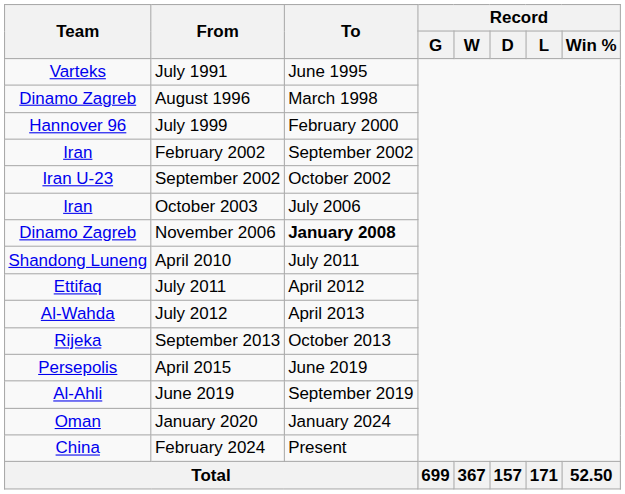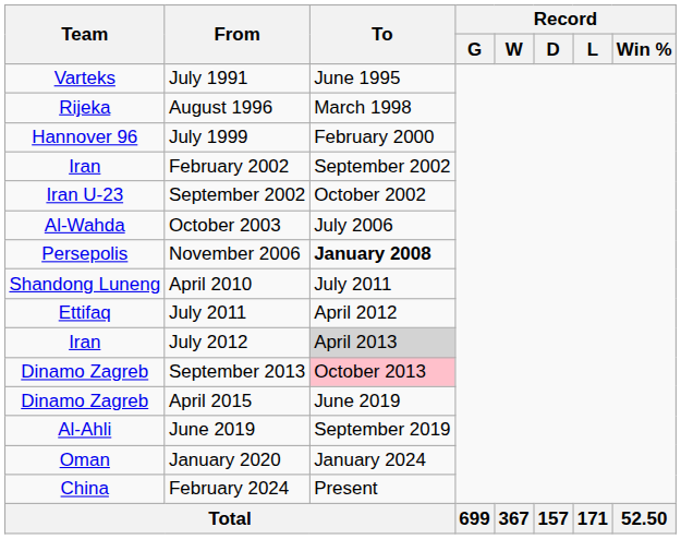 <table class="wikitable" style="text-align: center">
 <tr>
 <th rowspan=2>Team</th>
 <th rowspan=2>From</th>
 <th rowspan=2>To</th>
 <th colspan=8>Record</th>
 </tr>
 <tr>
 <th>G</th>
 <th>W</th>
 <th>D</th>
 <th>L</th>
 <th>Win %</th>
 </tr>
 <tr>
 <td><a href='#'>Varteks</a></td>
 <td align="left">July 1991</td>
 <td align="left">June 1995<br></td>
 </tr>
 <tr>
-<td><a href='#'>Dinamo Zagreb</a></td>
+<td><a href='#'>Rijeka</a></td>
 <td align="left">August 1996</td>
 <td align="left">March 1998<br></td>
 </tr>
 <tr>
 <td><a href='#'>Hannover 96</a></td>
 <td align="left">July 1999</td>
 <td align="left">February 2000<br></td>
 </tr>
 <tr>
 <td><a href='#'>Iran</a></td>
 <td align="left">February 2002</td>
 <td align="left">September 2002<br></td>
 </tr>
 <tr>
 <td><a href='#'>Iran U-23</a></td>
 <td align="left">September 2002</td>
 <td align="left">October 2002<br></td>
 </tr>
 <tr>
-<td><a href='#'>Iran</a></td>
+<td><a href='#'>Al-Wahda</a></td>
 <td align="left">October 2003</td>
 <td align="left">July 2006<br></td>
 </tr>
 <tr>
-<td><a href='#'>Dinamo Zagreb</a></td>
+<td><a href='#'>Persepolis</a></td>
 <td align="left">November 2006</td>
 <td align="left"><strong>January 2008<br></strong></td>
 </tr>
 <tr>
 <td><a href='#'>Shandong Luneng</a></td>
 <td align="left">April 2010</td>
 <td align="left">July 2011<br></td>
 </tr>
 <tr>
 <td><a href='#'>Ettifaq</a></td>
 <td align="left">July 2011</td>
 <td align="left">April 2012<br></td>
 </tr>
 <tr>
-<td><a href='#'>Al-Wahda</a></td>
+<td><a href='#'>Iran</a></td>
 <td align="left">July 2012</td>
-<td align="left">April 2013<br></td>
+<td align="left" style="background: lightgrey;">April 2013<br></td>
 </tr>
 <tr>
-<td><a href='#'>Rijeka</a></td>
+<td><a href='#'>Dinamo Zagreb</a></td>
 <td align="left">September 2013</td>
-<td align="left">October 2013<br></td>
+<td align="left" style="background: pink;">October 2013<br></td>
 </tr>
 <tr>
-<td><a href='#'>Persepolis</a></td>
+<td><a href='#'>Dinamo Zagreb</a></td>
 <td align="left">April 2015</td>
 <td align="left">June 2019<br></td>
 </tr>
 <tr>
 <td><a href='#'>Al-Ahli</a></td>
 <td align="left">June 2019</td>
 <td align="left">September 2019<br></td>
 </tr>
 <tr>
 <td><a href='#'>Oman</a></td>
 <td align="left">January 2020</td>
 <td align="left">January 2024<br></td>
 </tr>
 <tr>
 <td><a href='#'>China</a></td>
 <td align="left">February 2024</td>
 <td align="left">Present<br></td>
 </tr>
 <tr>
 <th colspan=3>Total</th>
 <th>699</th>
 <th>367</th>
 <th>157</th>
 <th>171</th>
 <th>52.50</th>
 </tr>
 </table>
